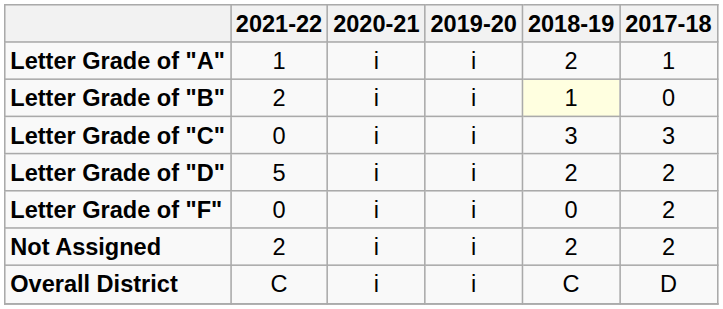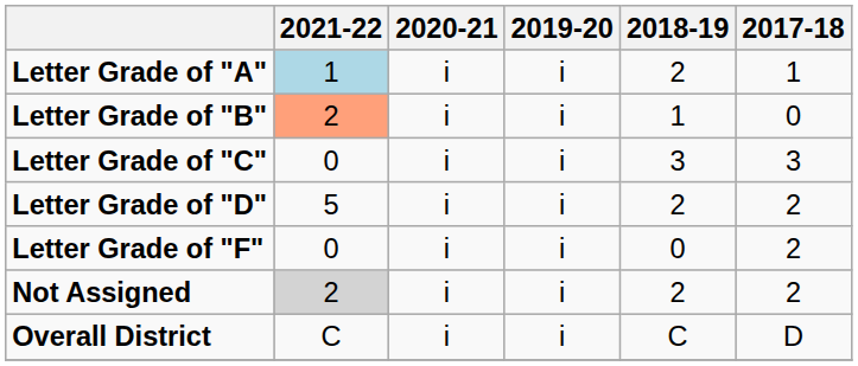 <table class="wikitable" style="font-size: 95%;">
 <tr>
 <th></th>
 <th>2021-22</th>
 <th>2020-21</th>
 <th>2019-20</th>
 <th>2018-19</th>
 <th>2017-18</th>
 </tr>
 <tr>
 <td><strong>Letter Grade of "A"</strong></td>
-<td align="center">1</td>
+<td align="center" style="background: lightblue;">1</td>
 <td align="center">i</td>
 <td align="center">i</td>
 <td align="center">2</td>
 <td align="center">1</td>
 </tr>
 <tr>
 <td><strong>Letter Grade of "B"</strong></td>
-<td align="center">2</td>
+<td align="center" style="background: lightsalmon;">2</td>
 <td align="center">i</td>
 <td align="center">i</td>
-<td align="center" style="background: lightyellow;">1</td>
+<td align="center">1</td>
 <td align="center">0</td>
 </tr>
 <tr>
 <td><strong>Letter Grade of "C"</strong></td>
 <td align="center">0</td>
 <td align="center">i</td>
 <td align="center">i</td>
 <td align="center">3</td>
 <td align="center">3</td>
 </tr>
 <tr>
 <td><strong>Letter Grade of "D"</strong></td>
 <td align="center">5</td>
 <td align="center">i</td>
 <td align="center">i</td>
 <td align="center">2</td>
 <td align="center">2</td>
 </tr>
 <tr>
 <td><strong>Letter Grade of "F"</strong></td>
 <td align="center">0</td>
 <td align="center">i</td>
 <td align="center">i</td>
 <td align="center">0</td>
 <td align="center">2</td>
 </tr>
 <tr>
 <td><strong>Not Assigned</strong></td>
-<td align="center">2</td>
+<td align="center" style="background: lightgrey;">2</td>
 <td align="center">i</td>
 <td align="center">i</td>
 <td align="center">2</td>
 <td align="center">2</td>
 </tr>
 <tr>
 <td><strong>Overall District</strong></td>
 <td align="center">C</td>
 <td align="center">i</td>
 <td align="center">i</td>
 <td align="center">C</td>
 <td align="center">D</td>
 </tr>
 <tr>
 </tr>
 </table>
